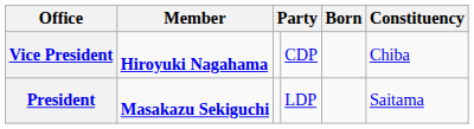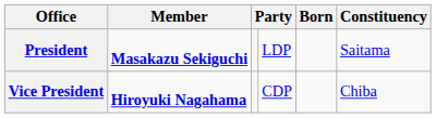 <table class="wikitable">
 <tr>
 <th>Office</th>
 <th>Member</th>
 <th colspan=2>Party</th>
 <th>Born</th>
 <th>Constituency</th>
 </tr>
 <tr>
+<th><a href='#'>President</a></th>
+<td><br><strong><a href='#'>Masakazu Sekiguchi</a></strong></td>
+<td style="background-color:"></td>
+<td><a href='#'>LDP</a></td>
+<td></td>
+<td><a href='#'>Saitama</a></td>
+</tr>
+<tr>
 <th><a href='#'>Vice President</a></th>
 <td><br><strong><a href='#'>Hiroyuki Nagahama</a></strong></td>
 <td style="background-color:"></td>
 <td><a href='#'>CDP</a></td>
 <td></td>
 <td><a href='#'>Chiba</a></td>
 </tr>
-<tr>
-<th><a href='#'>President</a></th>
-<td><br><strong><a href='#'>Masakazu Sekiguchi</a></strong></td>
-<td style="background-color:"></td>
-<td><a href='#'>LDP</a></td>
-<td></td>
-<td><a href='#'>Saitama</a></td>
-</tr>
 </table>
